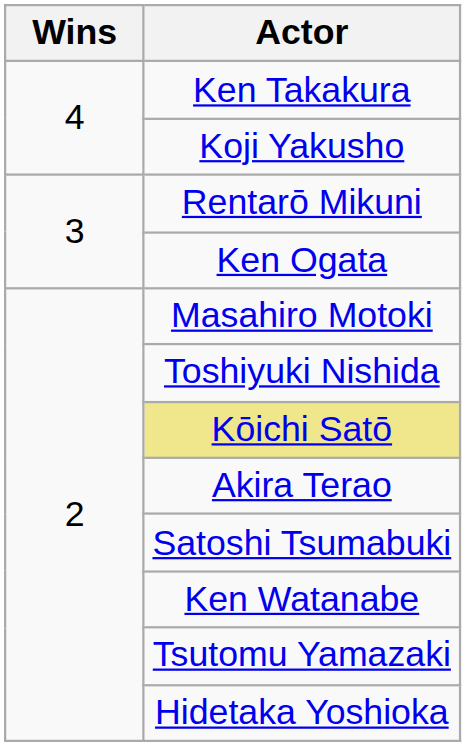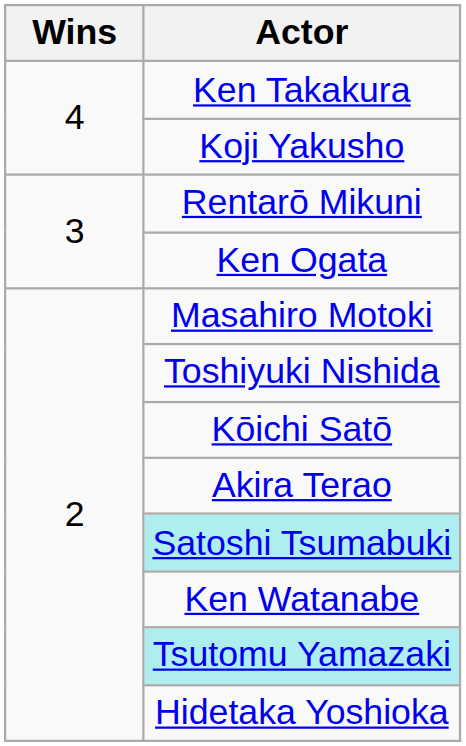 <table class="wikitable" style="text-align:center;">
 <tr>
 <th scope="col" width="55" align="center">Wins</th>
 <th scope="col" align="center">Actor</th>
 </tr>
 <tr>
 <td rowspan=2>4</td>
 <td><a href='#'>Ken Takakura</a></td>
 </tr>
 <tr>
 <td><a href='#'>Koji Yakusho</a></td>
 </tr>
 <tr>
 <td rowspan=2>3</td>
 <td><a href='#'>Rentarō Mikuni</a></td>
 </tr>
 <tr>
 <td><a href='#'>Ken Ogata</a></td>
 </tr>
 <tr>
 <td rowspan="8">2</td>
 <td><a href='#'>Masahiro Motoki</a></td>
 </tr>
 <tr>
 <td><a href='#'>Toshiyuki Nishida</a></td>
 </tr>
 <tr>
-<td style="background: khaki;"><a href='#'>Kōichi Satō</a></td>
+<td><a href='#'>Kōichi Satō</a></td>
 </tr>
 <tr>
 <td><a href='#'>Akira Terao</a></td>
 </tr>
 <tr>
-<td><a href='#'>Satoshi Tsumabuki</a></td>
+<td style="background: paleturquoise;"><a href='#'>Satoshi Tsumabuki</a></td>
 </tr>
 <tr>
 <td><a href='#'>Ken Watanabe</a></td>
 </tr>
 <tr>
-<td><a href='#'>Tsutomu Yamazaki</a></td>
+<td style="background: paleturquoise;"><a href='#'>Tsutomu Yamazaki</a></td>
 </tr>
 <tr>
 <td><a href='#'>Hidetaka Yoshioka</a></td>
 </tr>
 <tr>
 </tr>
 </table>
